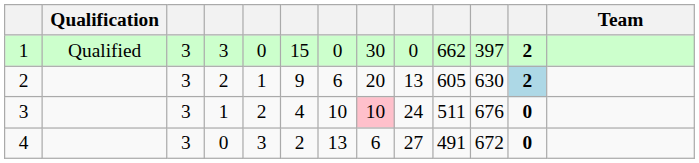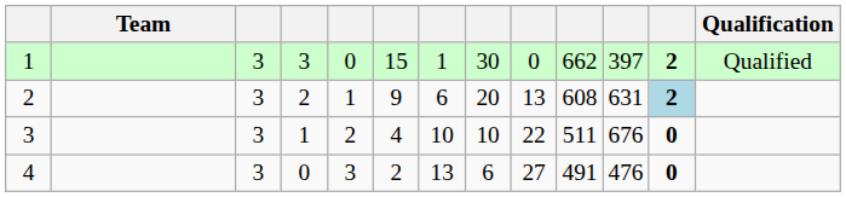 <table class="wikitable" style="text-align:center">
 <tr>
 <th width=5.5%></th>
-<th width=18%>Qualification</th>
+<th width=22%>Team</th>
 <th width=5.5%></th>
 <th width=5.5%></th>
 <th width=5.5%></th>
 <th width=5.5%></th>
 <th width=5.5%></th>
 <th width=5.5%></th>
 <th width=5.5%></th>
 <th width=5.5%></th>
 <th width=5.5%></th>
 <th width=5.5%></th>
-<th width=22%>Team</th>
+<th width=18%>Qualification</th>
 </tr>
 <tr bgcolor="#ccffcc">
 <td>1</td>
-<td>Qualified</td>
+<td align="left"></td>
 <td>3</td>
 <td>3</td>
 <td>0</td>
 <td>15</td>
-<td>0</td>
+<td>1</td>
 <td>30</td>
 <td>0</td>
 <td>662</td>
 <td>397</td>
 <td><strong>2</strong></td>
-<td align="left"></td>
+<td>Qualified</td>
 </tr>
 <tr>
 <td>2</td>
-<td></td>
+<td align="left"></td>
 <td>3</td>
 <td>2</td>
 <td>1</td>
 <td>9</td>
 <td>6</td>
 <td>20</td>
 <td>13</td>
-<td>605</td>
-<td>630</td>
+<td>608</td>
+<td>631</td>
 <td style="background: lightblue;"><strong>2</strong></td>
-<td align="left"></td>
+<td></td>
 </tr>
 <tr>
 <td>3</td>
-<td></td>
+<td align="left"></td>
 <td>3</td>
 <td>1</td>
 <td>2</td>
 <td>4</td>
 <td>10</td>
-<td style="background: pink;">10</td>
-<td>24</td>
+<td>10</td>
+<td>22</td>
 <td>511</td>
 <td>676</td>
 <td><strong>0</strong></td>
-<td align="left"></td>
+<td></td>
 </tr>
 <tr>
 <td>4</td>
-<td></td>
+<td align="left"></td>
 <td>3</td>
 <td>0</td>
 <td>3</td>
 <td>2</td>
 <td>13</td>
 <td>6</td>
 <td>27</td>
 <td>491</td>
-<td>672</td>
+<td>476</td>
 <td><strong>0</strong></td>
-<td align="left"></td>
+<td></td>
 </tr>
 </table>
